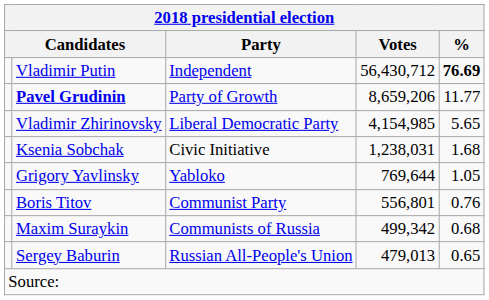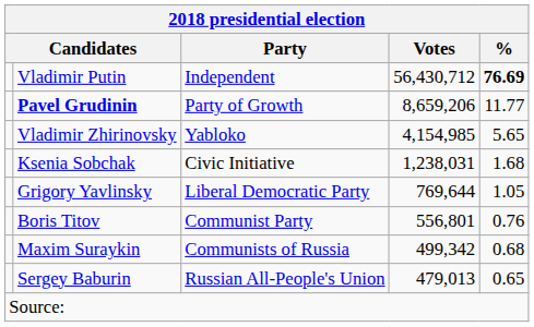 <table class=wikitable style=text-align:right>
 <tr>
 <th colspan=5><a href='#'>2018 presidential election</a></th>
 </tr>
 <tr>
 <th colspan=2>Candidates</th>
 <th>Party</th>
 <th>Votes</th>
 <th>%</th>
 </tr>
 <tr>
 <td style="background:"></td>
 <td align="left"><a href='#'>Vladimir Putin</a></td>
 <td align="left"><a href='#'>Independent</a></td>
 <td>56,430,712</td>
 <td><strong>76.69</strong></td>
 </tr>
 <tr>
 <td style="background:"></td>
 <td align=left><strong><a href='#'>Pavel Grudinin</a></strong></td>
 <td align="left"><a href='#'>Party of Growth</a></td>
 <td>8,659,206</td>
 <td>11.77</td>
 </tr>
 <tr>
 <td style="background:"></td>
 <td align=left><a href='#'>Vladimir Zhirinovsky</a></td>
-<td align=left><a href='#'>Liberal Democratic Party</a></td>
+<td align="left"><a href='#'>Yabloko</a></td>
 <td>4,154,985</td>
 <td>5.65</td>
 </tr>
 <tr>
 <td style="background:"></td>
 <td align="left"><a href='#'>Ksenia Sobchak</a></td>
 <td align="left">Civic Initiative</td>
 <td>1,238,031</td>
 <td>1.68</td>
 </tr>
 <tr>
 <td style="background:"></td>
 <td align="left"><a href='#'>Grigory Yavlinsky</a></td>
-<td align="left"><a href='#'>Yabloko</a></td>
+<td align=left><a href='#'>Liberal Democratic Party</a></td>
 <td>769,644</td>
 <td>1.05</td>
 </tr>
 <tr>
 <td style="background:"></td>
 <td align="left"><a href='#'>Boris Titov</a></td>
 <td align=left><a href='#'>Communist Party</a></td>
 <td>556,801</td>
 <td>0.76</td>
 </tr>
 <tr>
 <td style="background:"></td>
 <td align="left"><a href='#'>Maxim Suraykin</a></td>
 <td align="left"><a href='#'>Communists of Russia</a></td>
 <td>499,342</td>
 <td>0.68</td>
 </tr>
 <tr>
 <td style="background:"></td>
 <td align="left"><a href='#'>Sergey Baburin</a></td>
 <td align="left"><a href='#'>Russian All-People's Union</a></td>
 <td>479,013</td>
 <td>0.65</td>
 </tr>
 <tr>
 <td align=left colspan=5>Source: </td>
 </tr>
 </table>
